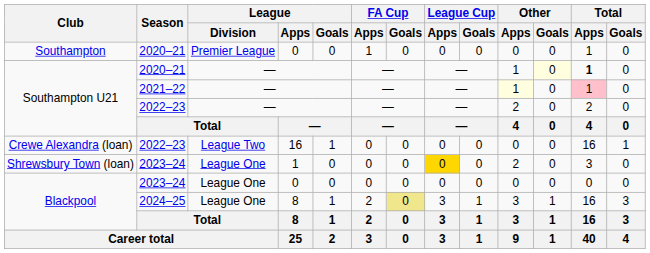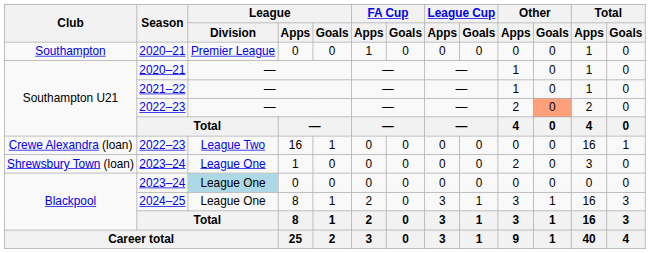 <table class=wikitable style="text-align: center">
 <tr>
 <th rowspan=2>Club</th>
 <th rowspan=2>Season</th>
 <th colspan=3>League</th>
 <th colspan=2><a href='#'>FA Cup</a></th>
 <th colspan=2><a href='#'>League Cup</a></th>
 <th colspan=2>Other</th>
 <th colspan=2>Total</th>
 </tr>
 <tr>
 <th>Division</th>
 <th>Apps</th>
 <th>Goals</th>
 <th>Apps</th>
 <th>Goals</th>
 <th>Apps</th>
 <th>Goals</th>
 <th>Apps</th>
 <th>Goals</th>
 <th>Apps</th>
 <th>Goals</th>
 </tr>
 <tr>
 <td><a href='#'>Southampton</a></td>
 <td><a href='#'>2020–21</a></td>
 <td><a href='#'>Premier League</a></td>
 <td>0</td>
 <td>0</td>
 <td>1</td>
 <td>0</td>
 <td>0</td>
 <td>0</td>
 <td>0</td>
 <td>0</td>
 <td>1</td>
 <td>0</td>
 </tr>
 <tr>
 <td rowspan=4>Southampton U21</td>
 <td><a href='#'>2020–21</a></td>
 <td colspan="3">—</td>
 <td colspan="2">—</td>
 <td colspan="2">—</td>
 <td>1</td>
-<td style="background: lightyellow;">0</td>
-<td><strong>1</strong></td>
+<td>0</td>
+<td>1</td>
 <td>0</td>
 </tr>
 <tr>
 <td><a href='#'>2021–22</a></td>
 <td colspan="3">—</td>
 <td colspan="2">—</td>
 <td colspan="2">—</td>
-<td style="background: lightyellow;">1</td>
+<td>1</td>
 <td>0</td>
-<td style="background: pink;">1</td>
+<td>1</td>
 <td>0</td>
 </tr>
 <tr>
 <td><a href='#'>2022–23</a></td>
 <td colspan="3">—</td>
 <td colspan="2">—</td>
 <td colspan="2">—</td>
 <td>2</td>
-<td>0</td>
+<td style="background: lightsalmon;">0</td>
 <td>2</td>
 <td>0</td>
 </tr>
 <tr>
 <th colspan="2">Total</th>
 <th colspan="2">—</th>
 <th colspan="2">—</th>
 <th colspan="2">—</th>
 <th>4</th>
 <th>0</th>
 <th>4</th>
 <th>0</th>
 </tr>
 <tr>
 <td><a href='#'>Crewe Alexandra</a> (loan)</td>
 <td><a href='#'>2022–23</a></td>
 <td><a href='#'>League Two</a></td>
 <td>16</td>
 <td>1</td>
 <td>0</td>
 <td>0</td>
 <td>0</td>
 <td>0</td>
 <td>0</td>
 <td>0</td>
 <td>16</td>
 <td>1</td>
 </tr>
 <tr>
 <td><a href='#'>Shrewsbury Town</a> (loan)</td>
 <td><a href='#'>2023–24</a></td>
 <td><a href='#'>League One</a></td>
 <td>1</td>
 <td>0</td>
 <td>0</td>
 <td>0</td>
-<td style="background: gold;">0</td>
+<td>0</td>
 <td>0</td>
 <td>2</td>
 <td>0</td>
 <td>3</td>
 <td>0</td>
 </tr>
 <tr>
 <td rowspan=3><a href='#'>Blackpool</a></td>
 <td><a href='#'>2023–24</a></td>
-<td>League One</td>
+<td style="background: lightblue;">League One</td>
 <td>0</td>
 <td>0</td>
 <td>0</td>
 <td>0</td>
 <td>0</td>
 <td>0</td>
 <td>0</td>
 <td>0</td>
 <td>0</td>
 <td>0</td>
 </tr>
 <tr>
 <td><a href='#'>2024–25</a></td>
 <td>League One</td>
 <td>8</td>
 <td>1</td>
 <td>2</td>
-<td style="background: khaki;">0</td>
+<td>0</td>
 <td>3</td>
 <td>1</td>
 <td>3</td>
 <td>1</td>
 <td>16</td>
 <td>3</td>
 </tr>
 <tr>
 <th colspan=2>Total</th>
 <th>8</th>
 <th>1</th>
 <th>2</th>
 <th>0</th>
 <th>3</th>
 <th>1</th>
 <th>3</th>
 <th>1</th>
 <th>16</th>
 <th>3</th>
 </tr>
 <tr>
 <th colspan=3>Career total</th>
 <th>25</th>
 <th>2</th>
 <th>3</th>
 <th>0</th>
 <th>3</th>
 <th>1</th>
 <th>9</th>
 <th>1</th>
 <th>40</th>
 <th>4</th>
 </tr>
 </table>
